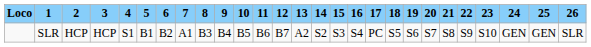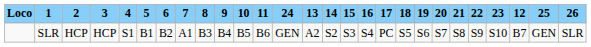 <table class="wikitable plainrowheaders unsortable" style="text-align:center">
 <tr>
 <th scope="col" rowspan="1" style="background:lightskyblue;">Loco</th>
 <th scope="col" rowspan="1" style="background:lightskyblue;">1</th>
 <th scope="col" rowspan="1" style="background:lightskyblue;">2</th>
 <th scope="col" rowspan="1" style="background:lightskyblue;">3</th>
 <th scope="col" rowspan="1" style="background:lightskyblue;">4</th>
 <th scope="col" rowspan="1" style="background:lightskyblue;">5</th>
 <th scope="col" rowspan="1" style="background:lightskyblue;">6</th>
 <th scope="col" rowspan="1" style="background:lightskyblue;">7</th>
 <th scope="col" rowspan="1" style="background:lightskyblue;">8</th>
 <th scope="col" rowspan="1" style="background:lightskyblue;">9</th>
 <th scope="col" rowspan="1" style="background:lightskyblue;">10</th>
 <th scope="col" rowspan="1" style="background:lightskyblue;">11</th>
-<th scope="col" rowspan="1" style="background:lightskyblue;">12</th>
+<th scope="col" rowspan="1" style="background:lightskyblue;">24</th>
 <th scope="col" rowspan="1" style="background:lightskyblue;">13</th>
 <th scope="col" rowspan="1" style="background:lightskyblue;">14</th>
 <th scope="col" rowspan="1" style="background:lightskyblue;">15</th>
 <th scope="col" rowspan="1" style="background:lightskyblue;">16</th>
 <th scope="col" rowspan="1" style="background:lightskyblue;">17</th>
 <th scope="col" rowspan="1" style="background:lightskyblue;">18</th>
 <th scope="col" rowspan="1" style="background:lightskyblue;">19</th>
 <th scope="col" rowspan="1" style="background:lightskyblue;">20</th>
 <th scope="col" rowspan="1" style="background:lightskyblue;">21</th>
 <th scope="col" rowspan="1" style="background:lightskyblue;">22</th>
 <th scope="col" rowspan="1" style="background:lightskyblue;">23</th>
-<th scope="col" rowspan="1" style="background:lightskyblue;">24</th>
+<th scope="col" rowspan="1" style="background:lightskyblue;">12</th>
 <th scope="col" rowspan="1" style="background:lightskyblue;">25</th>
 <th scope="col" rowspan="1" style="background:lightskyblue;">26</th>
 </tr>
 <tr>
 <td></td>
 <td>SLR</td>
 <td>HCP</td>
 <td>HCP</td>
 <td>S1</td>
 <td>B1</td>
 <td>B2</td>
 <td>A1</td>
 <td>B3</td>
 <td>B4</td>
 <td>B5</td>
 <td>B6</td>
-<td>B7</td>
+<td>GEN</td>
 <td>A2</td>
 <td>S2</td>
 <td>S3</td>
 <td>S4</td>
 <td>PC</td>
 <td>S5</td>
 <td>S6</td>
 <td>S7</td>
 <td>S8</td>
 <td>S9</td>
 <td>S10</td>
-<td>GEN</td>
+<td>B7</td>
 <td>GEN</td>
 <td>SLR</td>
 </tr>
 </table>
